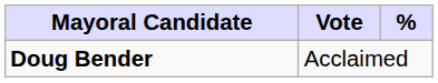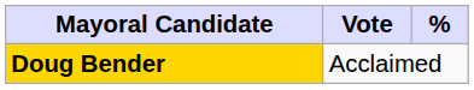 <table class="wikitable">
 <tr>
 <th style="background:#ddf; width:200px;">Mayoral Candidate</th>
 <th style="background:#ddf; width:50px;">Vote</th>
 <th style="background:#ddf; width:30px;">%</th>
 </tr>
 <tr>
-<td><strong>Doug Bender</strong></td>
+<td style="background: gold;"><strong>Doug Bender</strong></td>
 <td colspan="2">Acclaimed</td>
 </tr>
 </table>
